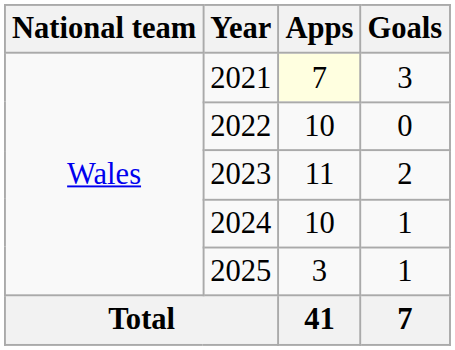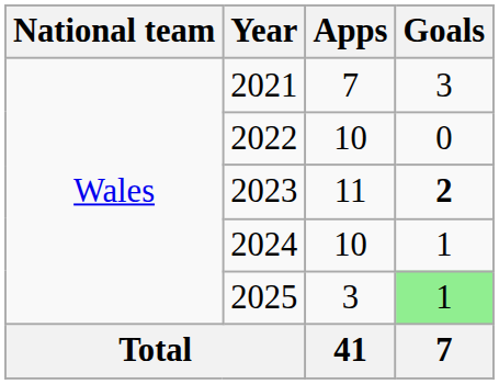 <table class="wikitable" style="text-align:center">
 <tr>
 <th>National team</th>
 <th>Year</th>
 <th>Apps</th>
 <th>Goals</th>
 </tr>
 <tr>
 <td rowspan="5"><a href='#'>Wales</a></td>
 <td>2021</td>
-<td style="background: lightyellow;">7</td>
+<td>7</td>
 <td>3</td>
 </tr>
 <tr>
 <td>2022</td>
 <td>10</td>
 <td>0</td>
 </tr>
 <tr>
 <td>2023</td>
 <td>11</td>
-<td>2</td>
+<td><strong>2</strong></td>
 </tr>
 <tr>
 <td>2024</td>
 <td>10</td>
 <td>1</td>
 </tr>
 <tr>
 <td>2025</td>
 <td>3</td>
-<td>1</td>
+<td style="background: lightgreen;">1</td>
 </tr>
 <tr>
 <th colspan="2">Total</th>
 <th>41</th>
 <th>7</th>
 </tr>
 </table>
